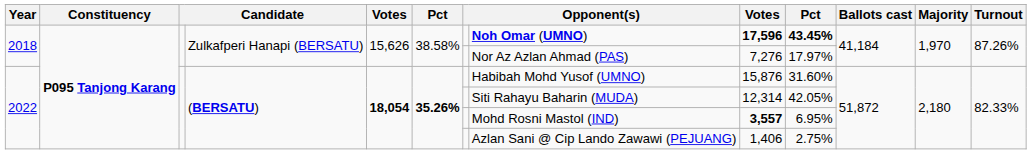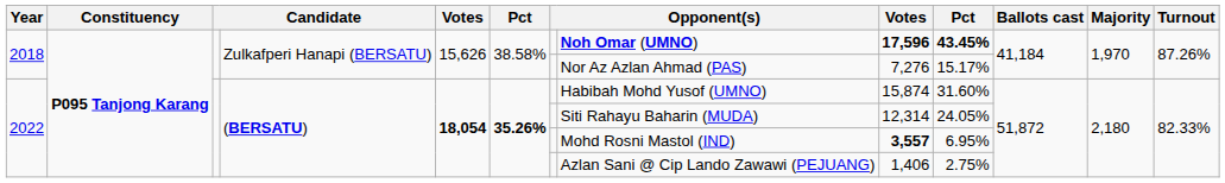 <table class="wikitable" style="margin:0.5em ; font-size:95%">
 <tr>
 <th>Year</th>
 <th>Constituency</th>
 <th colspan=2>Candidate</th>
 <th>Votes</th>
 <th>Pct</th>
 <th colspan=2>Opponent(s)</th>
 <th>Votes</th>
 <th>Pct</th>
 <th>Ballots cast</th>
 <th>Majority</th>
 <th>Turnout</th>
 </tr>
 <tr>
 <td rowspan=2><a href='#'>2018</a></td>
 <td rowspan=6><strong>P095 <a href='#'>Tanjong Karang</a></strong></td>
 <td rowspan=2 ></td>
 <td rowspan=2>Zulkafperi Hanapi (<a href='#'>BERSATU</a>)</td>
 <td rowspan=2 align="right">15,626</td>
 <td rowspan=2>38.58%</td>
 <td></td>
 <td><strong><a href='#'>Noh Omar</a></strong> (<a href='#'><strong>UMNO</strong></a>)</td>
 <td align="right"><strong>17,596</strong></td>
 <td><strong>43.45%</strong></td>
 <td rowspan=2>41,184</td>
 <td rowspan=2>1,970</td>
 <td rowspan=2>87.26%</td>
 </tr>
 <tr>
 <td></td>
 <td>Nor Az Azlan Ahmad (<a href='#'>PAS</a>)</td>
 <td align="right">7,276</td>
-<td>17.97%</td>
+<td>15.17%</td>
 </tr>
 <tr>
 <td rowspan=4><a href='#'>2022</a></td>
 <td rowspan=4 bgcolor=></td>
 <td rowspan=4> (<a href='#'><strong>BERSATU</strong></a>)</td>
 <td rowspan=4 align="right"><strong>18,054</strong></td>
 <td rowspan=4><strong>35.26%</strong></td>
 <td></td>
 <td>Habibah Mohd Yusof (<a href='#'>UMNO</a>)</td>
-<td align="right">15,876</td>
+<td align="right">15,874</td>
 <td>31.60%</td>
 <td rowspan=4>51,872</td>
 <td rowspan=4>2,180</td>
 <td rowspan=4>82.33%</td>
 </tr>
 <tr>
 <td bgcolor=></td>
 <td>Siti Rahayu Baharin (<a href='#'>MUDA</a>)</td>
 <td align="right">12,314</td>
-<td>42.05%</td>
+<td>24.05%</td>
 </tr>
 <tr>
 <td bgcolor=></td>
 <td>Mohd Rosni Mastol (<a href='#'>IND</a>)</td>
 <td align="right"><strong>3,557</strong></td>
 <td align="right">6.95%</td>
 </tr>
 <tr>
 <td></td>
 <td>Azlan Sani @ Cip Lando Zawawi (<a href='#'>PEJUANG</a>)</td>
 <td align="right">1,406</td>
 <td align="right">2.75%</td>
 </tr>
 </table>
